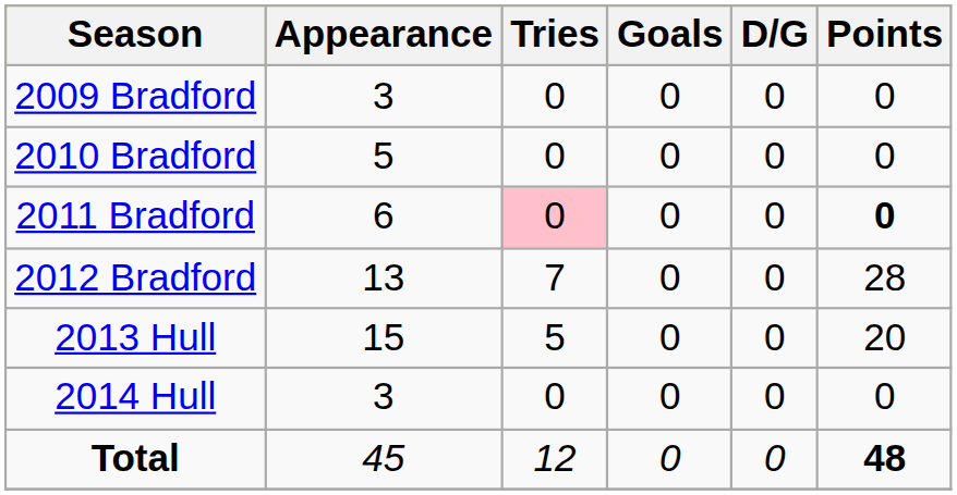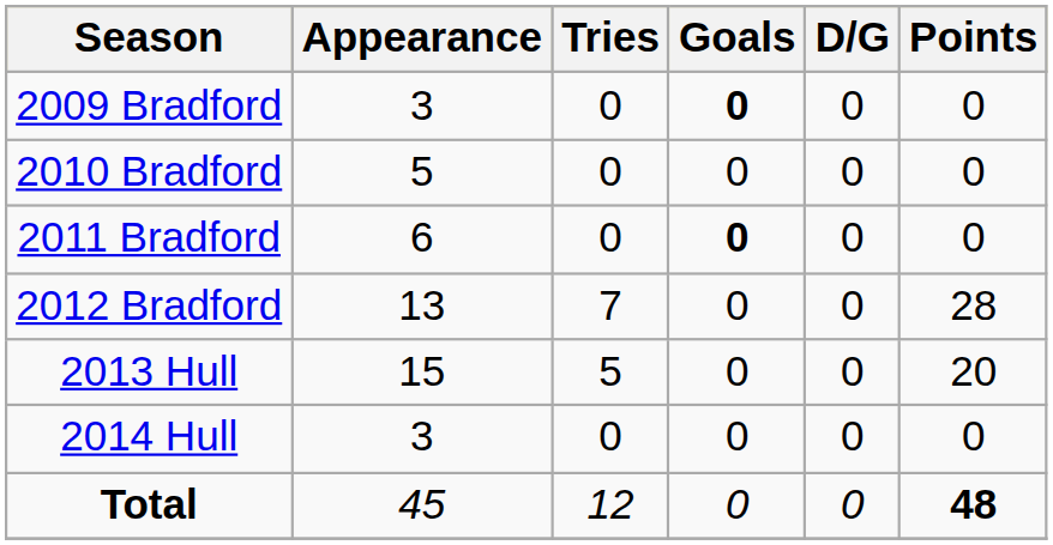 <table class="wikitable" style="text-align:center;">
 <tr bgcolor=#bdb76b>
 <th>Season</th>
 <th>Appearance</th>
 <th>Tries</th>
 <th>Goals</th>
 <th>D/G</th>
 <th>Points</th>
 </tr>
 <tr>
 <td><a href='#'>2009 Bradford</a></td>
 <td>3</td>
 <td>0</td>
-<td>0</td>
+<td><strong>0</strong></td>
 <td>0</td>
 <td>0</td>
 </tr>
 <tr>
 <td><a href='#'>2010 Bradford</a></td>
 <td>5</td>
 <td>0</td>
 <td>0</td>
 <td>0</td>
 <td>0</td>
 </tr>
 <tr>
 <td><a href='#'>2011 Bradford</a></td>
 <td>6</td>
-<td style="background: pink;">0</td>
+<td>0</td>
+<td><strong>0</strong></td>
 <td>0</td>
 <td>0</td>
-<td><strong>0</strong></td>
 </tr>
 <tr>
 <td><a href='#'>2012 Bradford</a></td>
 <td>13</td>
 <td>7</td>
 <td>0</td>
 <td>0</td>
 <td>28</td>
 </tr>
 <tr>
 <td><a href='#'>2013 Hull</a></td>
 <td>15</td>
 <td>5</td>
 <td>0</td>
 <td>0</td>
 <td>20</td>
 </tr>
 <tr>
 <td><a href='#'>2014 Hull</a></td>
 <td>3</td>
 <td>0</td>
 <td>0</td>
 <td>0</td>
 <td>0</td>
 </tr>
 <tr>
 <td><strong>Total</strong></td>
 <td><em>45</em></td>
 <td><em>12</em></td>
 <td><em>0</em></td>
 <td><em>0</em></td>
 <td><strong>48</strong></td>
 </tr>
 <tr>
 </tr>
 </table>
